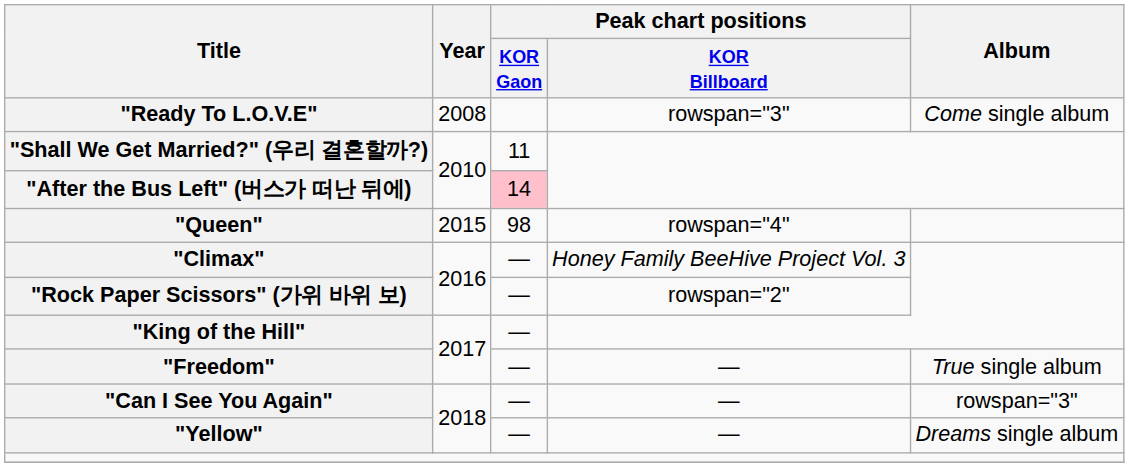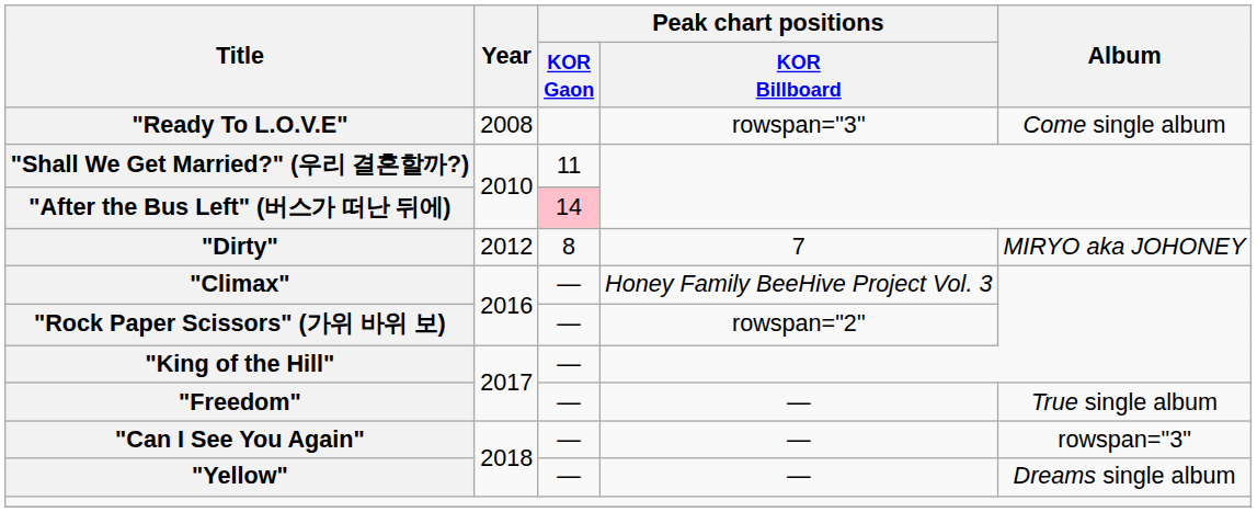 <table class="wikitable plainrowheaders" style="text-align:center;">
 <tr>
 <th scope="col" rowspan="2">Title</th>
 <th scope="col" rowspan="2">Year</th>
 <th colspan="2" scope="col" style="width:5em;">Peak chart positions</th>
 <th scope="col" rowspan="2">Album</th>
 </tr>
 <tr>
 <th><small><a href='#'>KOR<br>Gaon</a><br></small></th>
 <th><small><a href='#'>KOR<br>Billboard</a><br></small></th>
 </tr>
 <tr>
 <th scope="row">"Ready To L.O.V.E"<br></th>
 <td>2008</td>
 <td></td>
 <td>rowspan="3" </td>
 <td><em>Come</em> single album</td>
 </tr>
 <tr>
 <th scope="row">"Shall We Get Married?" (우리 결혼할까?)<br></th>
 <td rowspan="2">2010</td>
 <td>11</td>
 </tr>
 <tr>
 <th scope="row">"After the Bus Left" (버스가 떠난 뒤에)<br></th>
 <td style="background: pink;">14</td>
 </tr>
 <tr>
-<th scope="row">"Queen"<br></th>
-<td>2015</td>
-<td>98</td>
-<td>rowspan="4" </td>
-<td></td>
+<th scope="row">"Dirty"</th>
+<td>2012</td>
+<td>8</td>
+<td>7</td>
+<td><em>MIRYO aka JOHONEY</em></td>
 </tr>
 <tr>
 <th scope="row">"Climax"<br></th>
 <td rowspan="2">2016</td>
 <td>—</td>
 <td><em>Honey Family BeeHive Project Vol. 3</em></td>
 </tr>
 <tr>
 <th scope="row">"Rock Paper Scissors" (가위 바위 보)<br></th>
 <td>—</td>
 <td>rowspan="2" </td>
 </tr>
 <tr>
 <th scope="row">"King of the Hill"<br></th>
 <td rowspan="2">2017</td>
 <td>—</td>
 </tr>
 <tr>
 <th scope="row">"Freedom"<br></th>
 <td>—</td>
 <td>—</td>
 <td><em>True</em> single album</td>
 </tr>
 <tr>
 <th scope="row">"Can I See You Again"</th>
 <td rowspan="2">2018</td>
 <td>—</td>
 <td>—</td>
 <td>rowspan="3" </td>
 </tr>
 <tr>
 <th scope="row">"Yellow"</th>
 <td>—</td>
 <td>—</td>
 <td><em>Dreams</em> single album</td>
 </tr>
 <tr>
 <td colspan="5"></td>
 </tr>
 <tr>
 </tr>
 </table>
